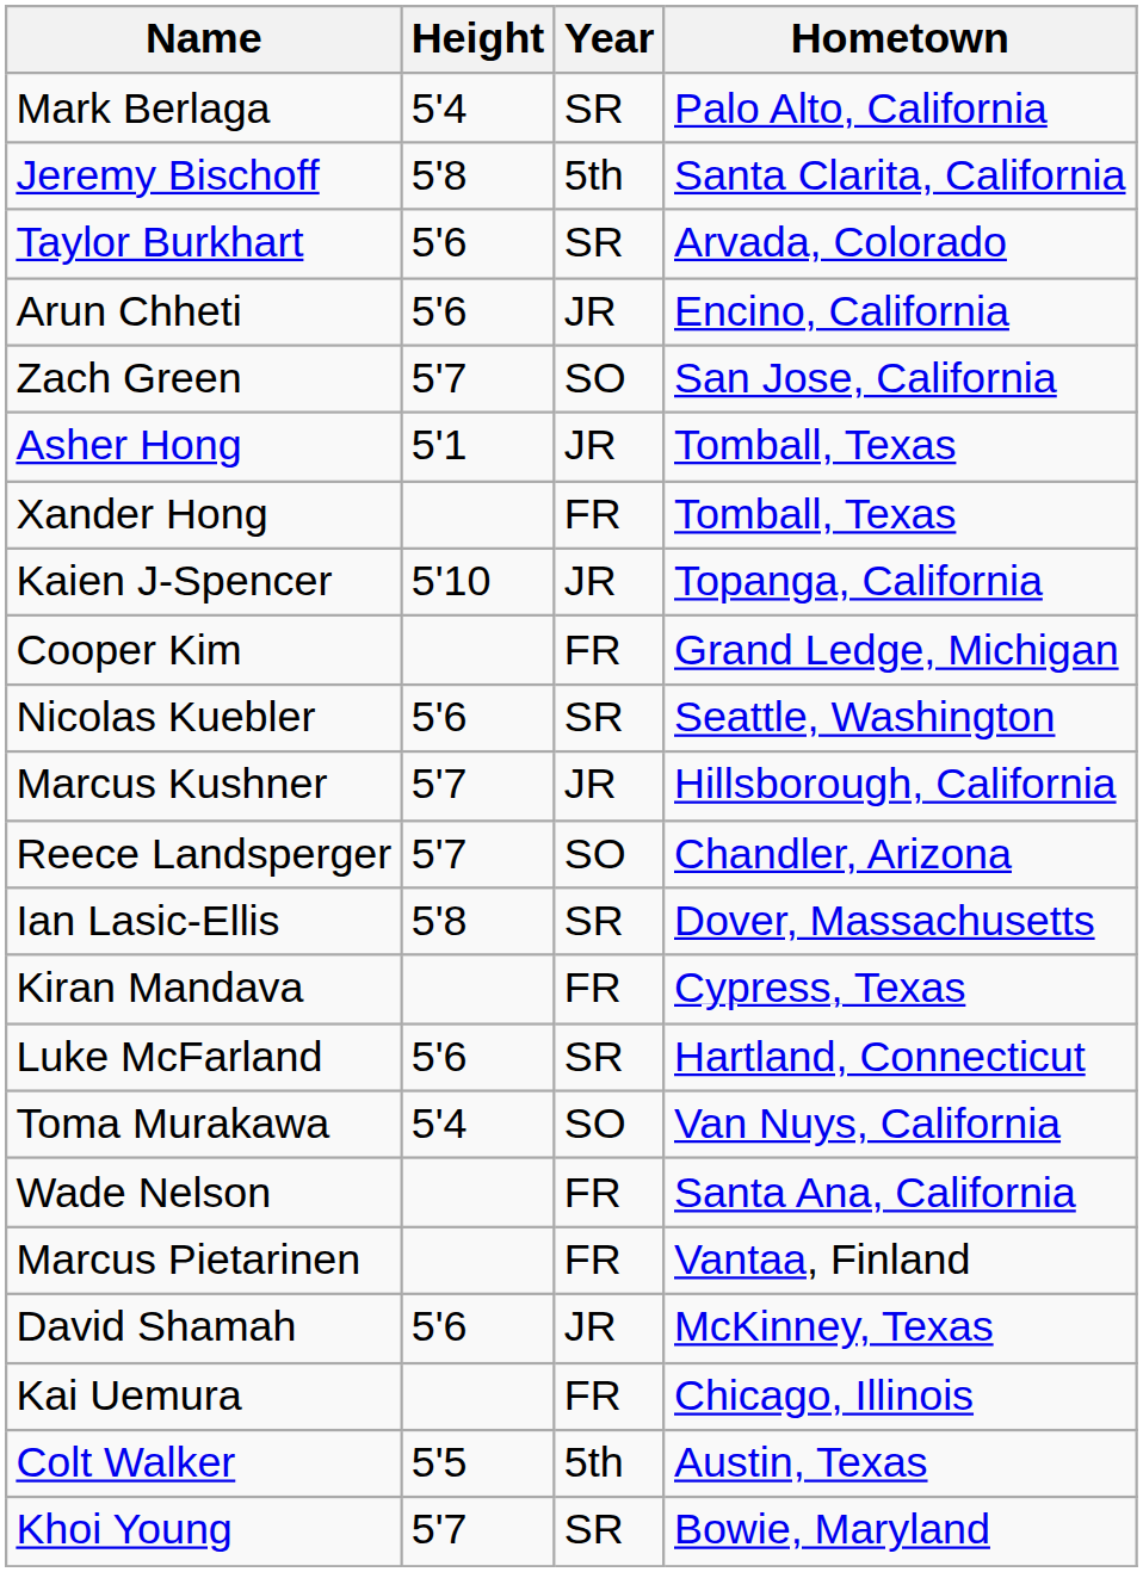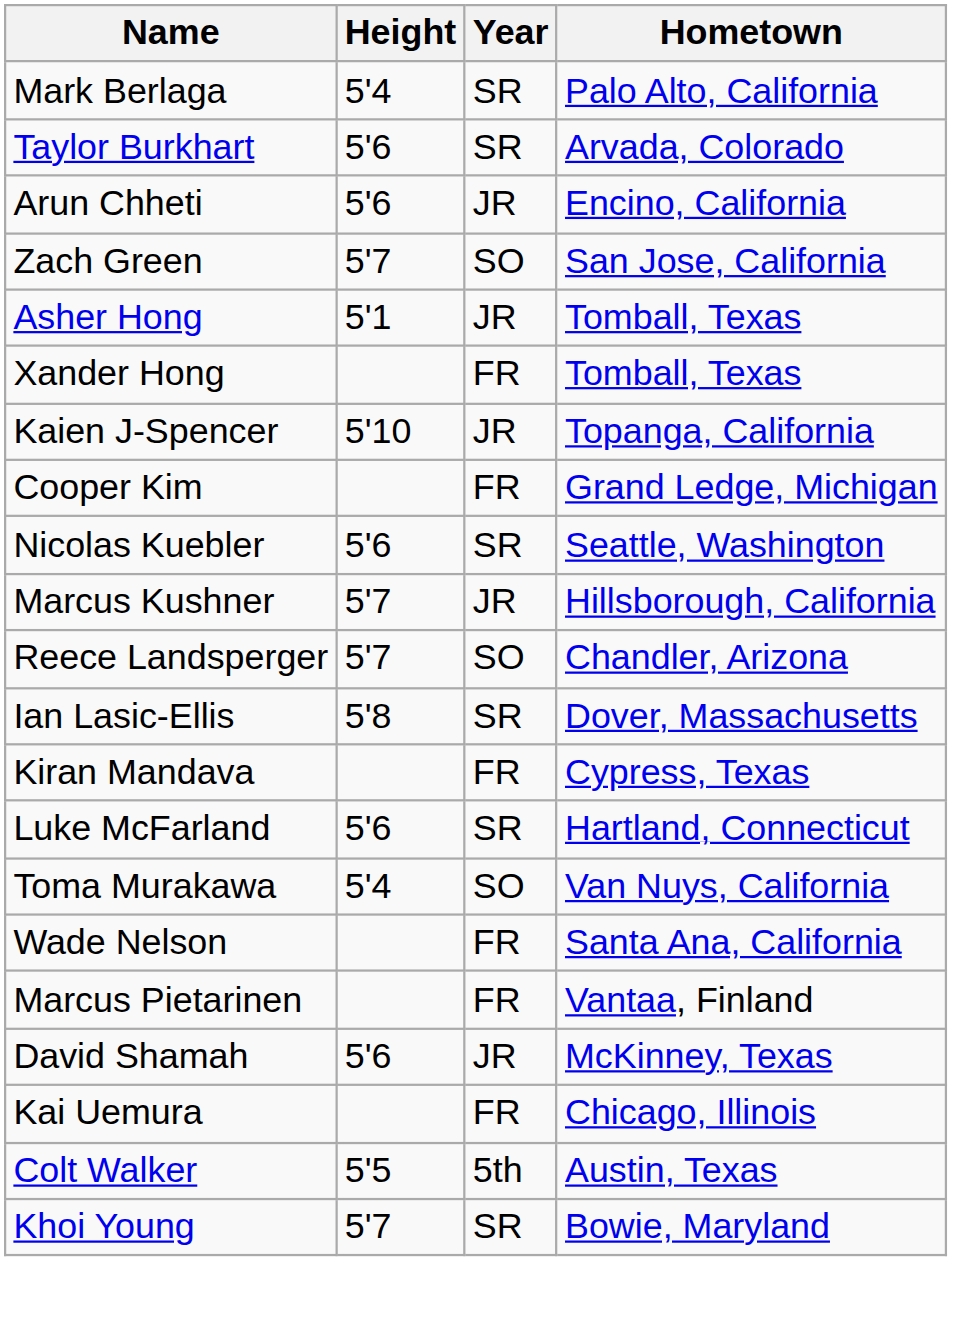 <table class="wikitable">
 <tr>
 <th>Name</th>
 <th>Height</th>
 <th>Year</th>
 <th>Hometown</th>
 </tr>
 <tr>
 <td>Mark Berlaga</td>
 <td>5'4</td>
 <td>SR</td>
 <td><a href='#'>Palo Alto, California</a></td>
-</tr>
-<tr>
-<td><a href='#'>Jeremy Bischoff</a></td>
-<td>5'8</td>
-<td>5th</td>
-<td><a href='#'>Santa Clarita, California</a></td>
 </tr>
 <tr>
 <td><a href='#'>Taylor Burkhart</a></td>
 <td>5'6</td>
 <td>SR</td>
 <td><a href='#'>Arvada, Colorado</a></td>
 </tr>
 <tr>
 <td>Arun Chheti</td>
 <td>5'6</td>
 <td>JR</td>
 <td><a href='#'>Encino, California</a></td>
 </tr>
 <tr>
 <td>Zach Green</td>
 <td>5'7</td>
 <td>SO</td>
 <td><a href='#'>San Jose, California</a></td>
 </tr>
 <tr>
 <td><a href='#'>Asher Hong</a></td>
 <td>5'1</td>
 <td>JR</td>
 <td><a href='#'>Tomball, Texas</a></td>
 </tr>
 <tr>
 <td>Xander Hong</td>
 <td></td>
 <td>FR</td>
 <td><a href='#'>Tomball, Texas</a></td>
 </tr>
 <tr>
 <td>Kaien J-Spencer</td>
 <td>5'10</td>
 <td>JR</td>
 <td><a href='#'>Topanga, California</a></td>
 </tr>
 <tr>
 <td>Cooper Kim</td>
 <td></td>
 <td>FR</td>
 <td><a href='#'>Grand Ledge, Michigan</a></td>
 </tr>
 <tr>
 <td>Nicolas Kuebler</td>
 <td>5'6</td>
 <td>SR</td>
 <td><a href='#'>Seattle, Washington</a></td>
 </tr>
 <tr>
 <td>Marcus Kushner</td>
 <td>5'7</td>
 <td>JR</td>
 <td><a href='#'>Hillsborough, California</a></td>
 </tr>
 <tr>
 <td>Reece Landsperger</td>
 <td>5'7</td>
 <td>SO</td>
 <td><a href='#'>Chandler, Arizona</a></td>
 </tr>
 <tr>
 <td>Ian Lasic-Ellis</td>
 <td>5'8</td>
 <td>SR</td>
 <td><a href='#'>Dover, Massachusetts</a></td>
 </tr>
 <tr>
 <td>Kiran Mandava</td>
 <td></td>
 <td>FR</td>
 <td><a href='#'>Cypress, Texas</a></td>
 </tr>
 <tr>
 <td>Luke McFarland</td>
 <td>5'6</td>
 <td>SR</td>
 <td><a href='#'>Hartland, Connecticut</a></td>
 </tr>
 <tr>
 <td>Toma Murakawa</td>
 <td>5'4</td>
 <td>SO</td>
 <td><a href='#'>Van Nuys, California</a></td>
 </tr>
 <tr>
 <td>Wade Nelson</td>
 <td></td>
 <td>FR</td>
 <td><a href='#'>Santa Ana, California</a></td>
 </tr>
 <tr>
 <td>Marcus Pietarinen</td>
 <td></td>
 <td>FR</td>
 <td><a href='#'>Vantaa</a>, Finland</td>
 </tr>
 <tr>
 <td>David Shamah</td>
 <td>5'6</td>
 <td>JR</td>
 <td><a href='#'>McKinney, Texas</a></td>
 </tr>
 <tr>
 <td>Kai Uemura</td>
 <td></td>
 <td>FR</td>
 <td><a href='#'>Chicago, Illinois</a></td>
 </tr>
 <tr>
 <td><a href='#'>Colt Walker</a></td>
 <td>5'5</td>
 <td>5th</td>
 <td><a href='#'>Austin, Texas</a></td>
 </tr>
 <tr>
 <td><a href='#'>Khoi Young</a></td>
 <td>5'7</td>
 <td>SR</td>
 <td><a href='#'>Bowie, Maryland</a></td>
 </tr>
 </table>
